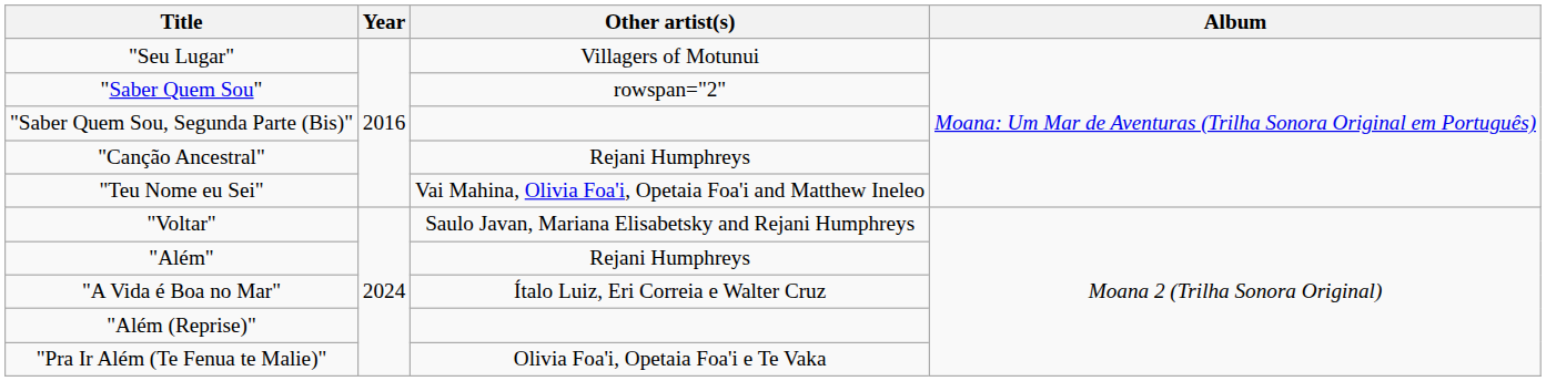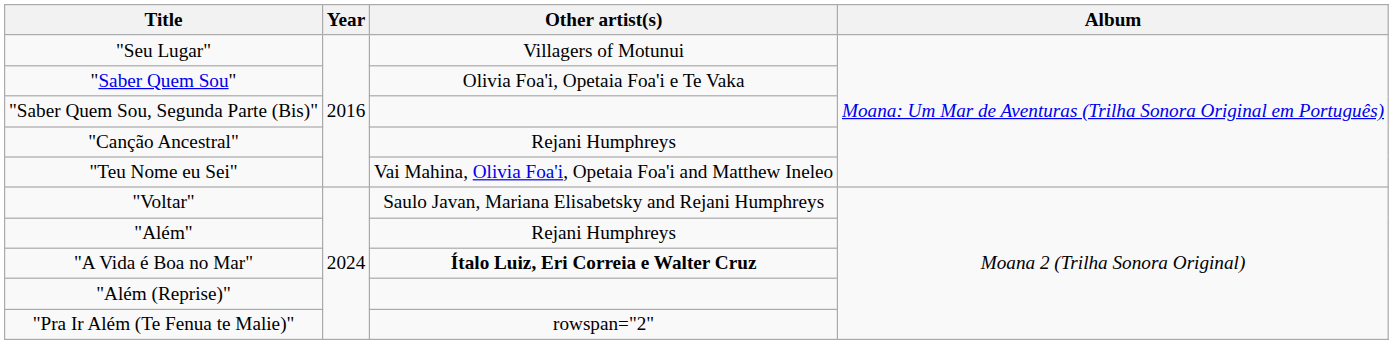 <table class="wikitable plainrowheaders" style="text-align:center">
 <tr>
 <th>Title</th>
 <th>Year</th>
 <th>Other artist(s)</th>
 <th>Album</th>
 </tr>
 <tr>
 <td>"Seu Lugar"</td>
 <td rowspan="5">2016</td>
 <td align="center">Villagers of Motunui</td>
 <td rowspan="5"><em><a href='#'>Moana: Um Mar de Aventuras (Trilha Sonora Original em Português)</a></em></td>
 </tr>
 <tr>
 <td>"<a href='#'>Saber Quem Sou</a>"</td>
-<td>rowspan="2" </td>
+<td align="center">Olivia Foa'i, Opetaia Foa'i e Te Vaka</td>
 </tr>
 <tr>
 <td>"Saber Quem Sou, Segunda Parte (Bis)"</td>
 </tr>
 <tr>
 <td>"Canção Ancestral"</td>
 <td>Rejani Humphreys</td>
 </tr>
 <tr>
 <td>"Teu Nome eu Sei"</td>
 <td>Vai Mahina, <a href='#'>Olivia Foa'i</a>, Opetaia Foa'i and Matthew Ineleo</td>
 </tr>
 <tr>
 <td>"Voltar"</td>
 <td rowspan="5">2024</td>
 <td>Saulo Javan, Mariana Elisabetsky and Rejani Humphreys</td>
 <td rowspan="5"><em>Moana 2 (Trilha Sonora Original)</em></td>
 </tr>
 <tr>
 <td>"Além"</td>
 <td align="center">Rejani Humphreys</td>
 </tr>
 <tr>
 <td>"A Vida é Boa no Mar"</td>
-<td align="center">Ítalo Luiz, Eri Correia e Walter Cruz</td>
+<td align="center"><strong>Ítalo Luiz, Eri Correia e Walter Cruz</strong></td>
 </tr>
 <tr>
 <td>"Além (Reprise)"</td>
 <td></td>
 </tr>
 <tr>
 <td>"Pra Ir Além (Te Fenua te Malie)"</td>
-<td align="center">Olivia Foa'i, Opetaia Foa'i e Te Vaka</td>
+<td>rowspan="2" </td>
 </tr>
 </table>
